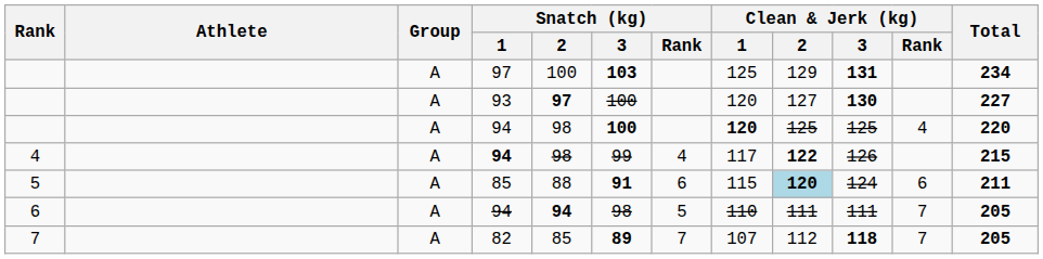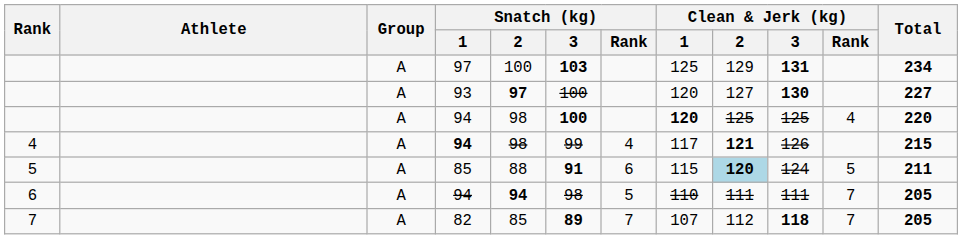 <table class = "wikitable" style="text-align:center;">
 <tr>
 <th rowspan=2 width=40>Rank</th>
 <th rowspan=2 width=250>Athlete</th>
 <th rowspan=2 width=50>Group</th>
 <th colspan=4>Snatch (kg)</th>
 <th colspan=4>Clean & Jerk (kg)</th>
 <th rowspan=2 width=60>Total</th>
 </tr>
 <tr>
 <th width=40>1</th>
 <th width=40>2</th>
 <th width=40>3</th>
 <th width=40>Rank</th>
 <th width=40>1</th>
 <th width=40>2</th>
 <th width=40>3</th>
 <th width=40>Rank</th>
 </tr>
 <tr>
 <td></td>
 <td align=left></td>
 <td>A</td>
 <td>97</td>
 <td>100</td>
 <td><strong>103</strong></td>
 <td></td>
 <td>125</td>
 <td>129</td>
 <td><strong>131</strong></td>
 <td></td>
 <td><strong>234</strong></td>
 </tr>
 <tr>
 <td></td>
 <td align=left></td>
 <td>A</td>
 <td>93</td>
 <td><strong>97</strong></td>
 <td><s>100</s></td>
 <td></td>
 <td>120</td>
 <td>127</td>
 <td><strong>130</strong></td>
 <td></td>
 <td><strong>227</strong></td>
 </tr>
 <tr>
 <td></td>
 <td align=left></td>
 <td>A</td>
 <td>94</td>
 <td>98</td>
 <td><strong>100</strong></td>
 <td></td>
 <td><strong>120</strong></td>
 <td><s>125</s></td>
 <td><s>125</s></td>
 <td>4</td>
 <td><strong>220</strong></td>
 </tr>
 <tr>
 <td>4</td>
 <td align=left></td>
 <td>A</td>
 <td><strong>94</strong></td>
 <td><s>98</s></td>
 <td><s>99</s></td>
 <td>4</td>
 <td>117</td>
-<td><strong>122</strong></td>
+<td><strong>121</strong></td>
 <td><s>126</s></td>
 <td></td>
 <td><strong>215</strong></td>
 </tr>
 <tr>
 <td>5</td>
 <td align=left></td>
 <td>A</td>
 <td>85</td>
 <td>88</td>
 <td><strong>91</strong></td>
 <td>6</td>
 <td>115</td>
 <td style="background: lightblue;"><strong>120</strong></td>
 <td><s>124</s></td>
-<td>6</td>
+<td>5</td>
 <td><strong>211</strong></td>
 </tr>
 <tr>
 <td>6</td>
 <td align=left></td>
 <td>A</td>
 <td><s>94</s></td>
 <td><strong>94</strong></td>
 <td><s>98</s></td>
 <td>5</td>
 <td><s>110</s></td>
 <td><s>111</s></td>
 <td><s>111</s></td>
 <td>7</td>
 <td><strong>205</strong></td>
 </tr>
 <tr>
 <td>7</td>
 <td align=left></td>
 <td>A</td>
 <td>82</td>
 <td>85</td>
 <td><strong>89</strong></td>
 <td>7</td>
 <td>107</td>
 <td>112</td>
 <td><strong>118</strong></td>
 <td>7</td>
 <td><strong>205</strong></td>
 </tr>
 </table>
